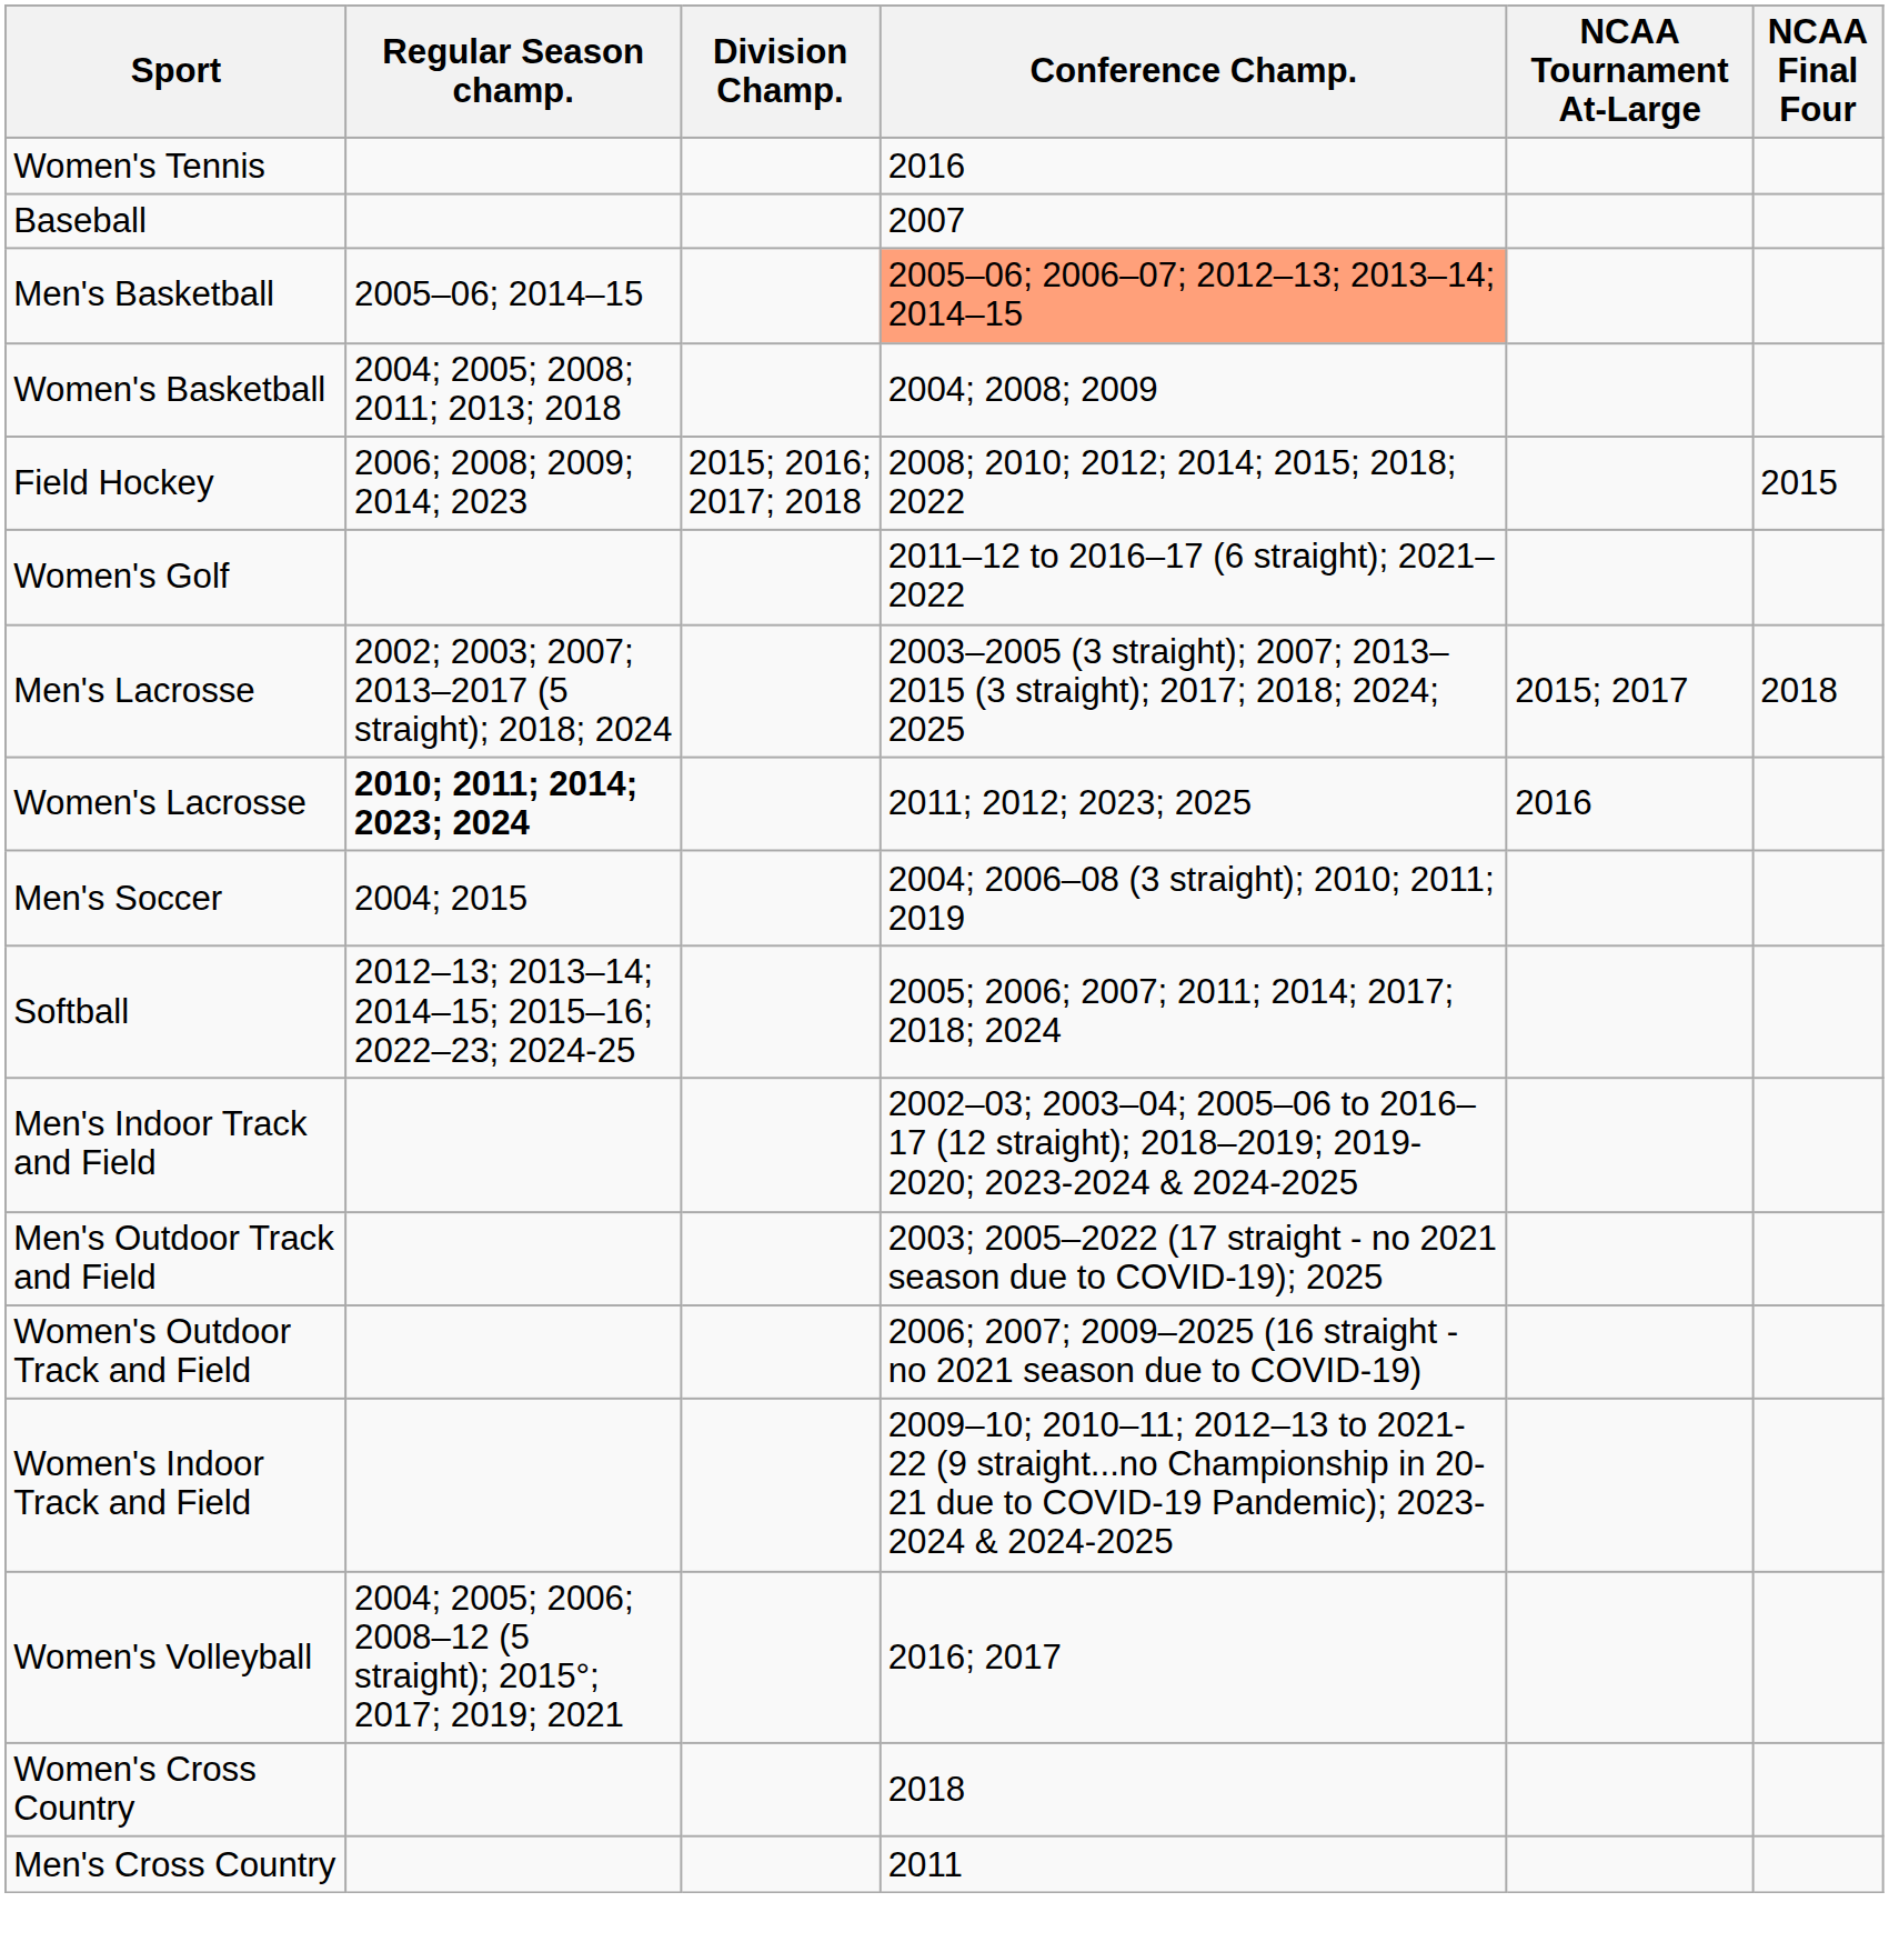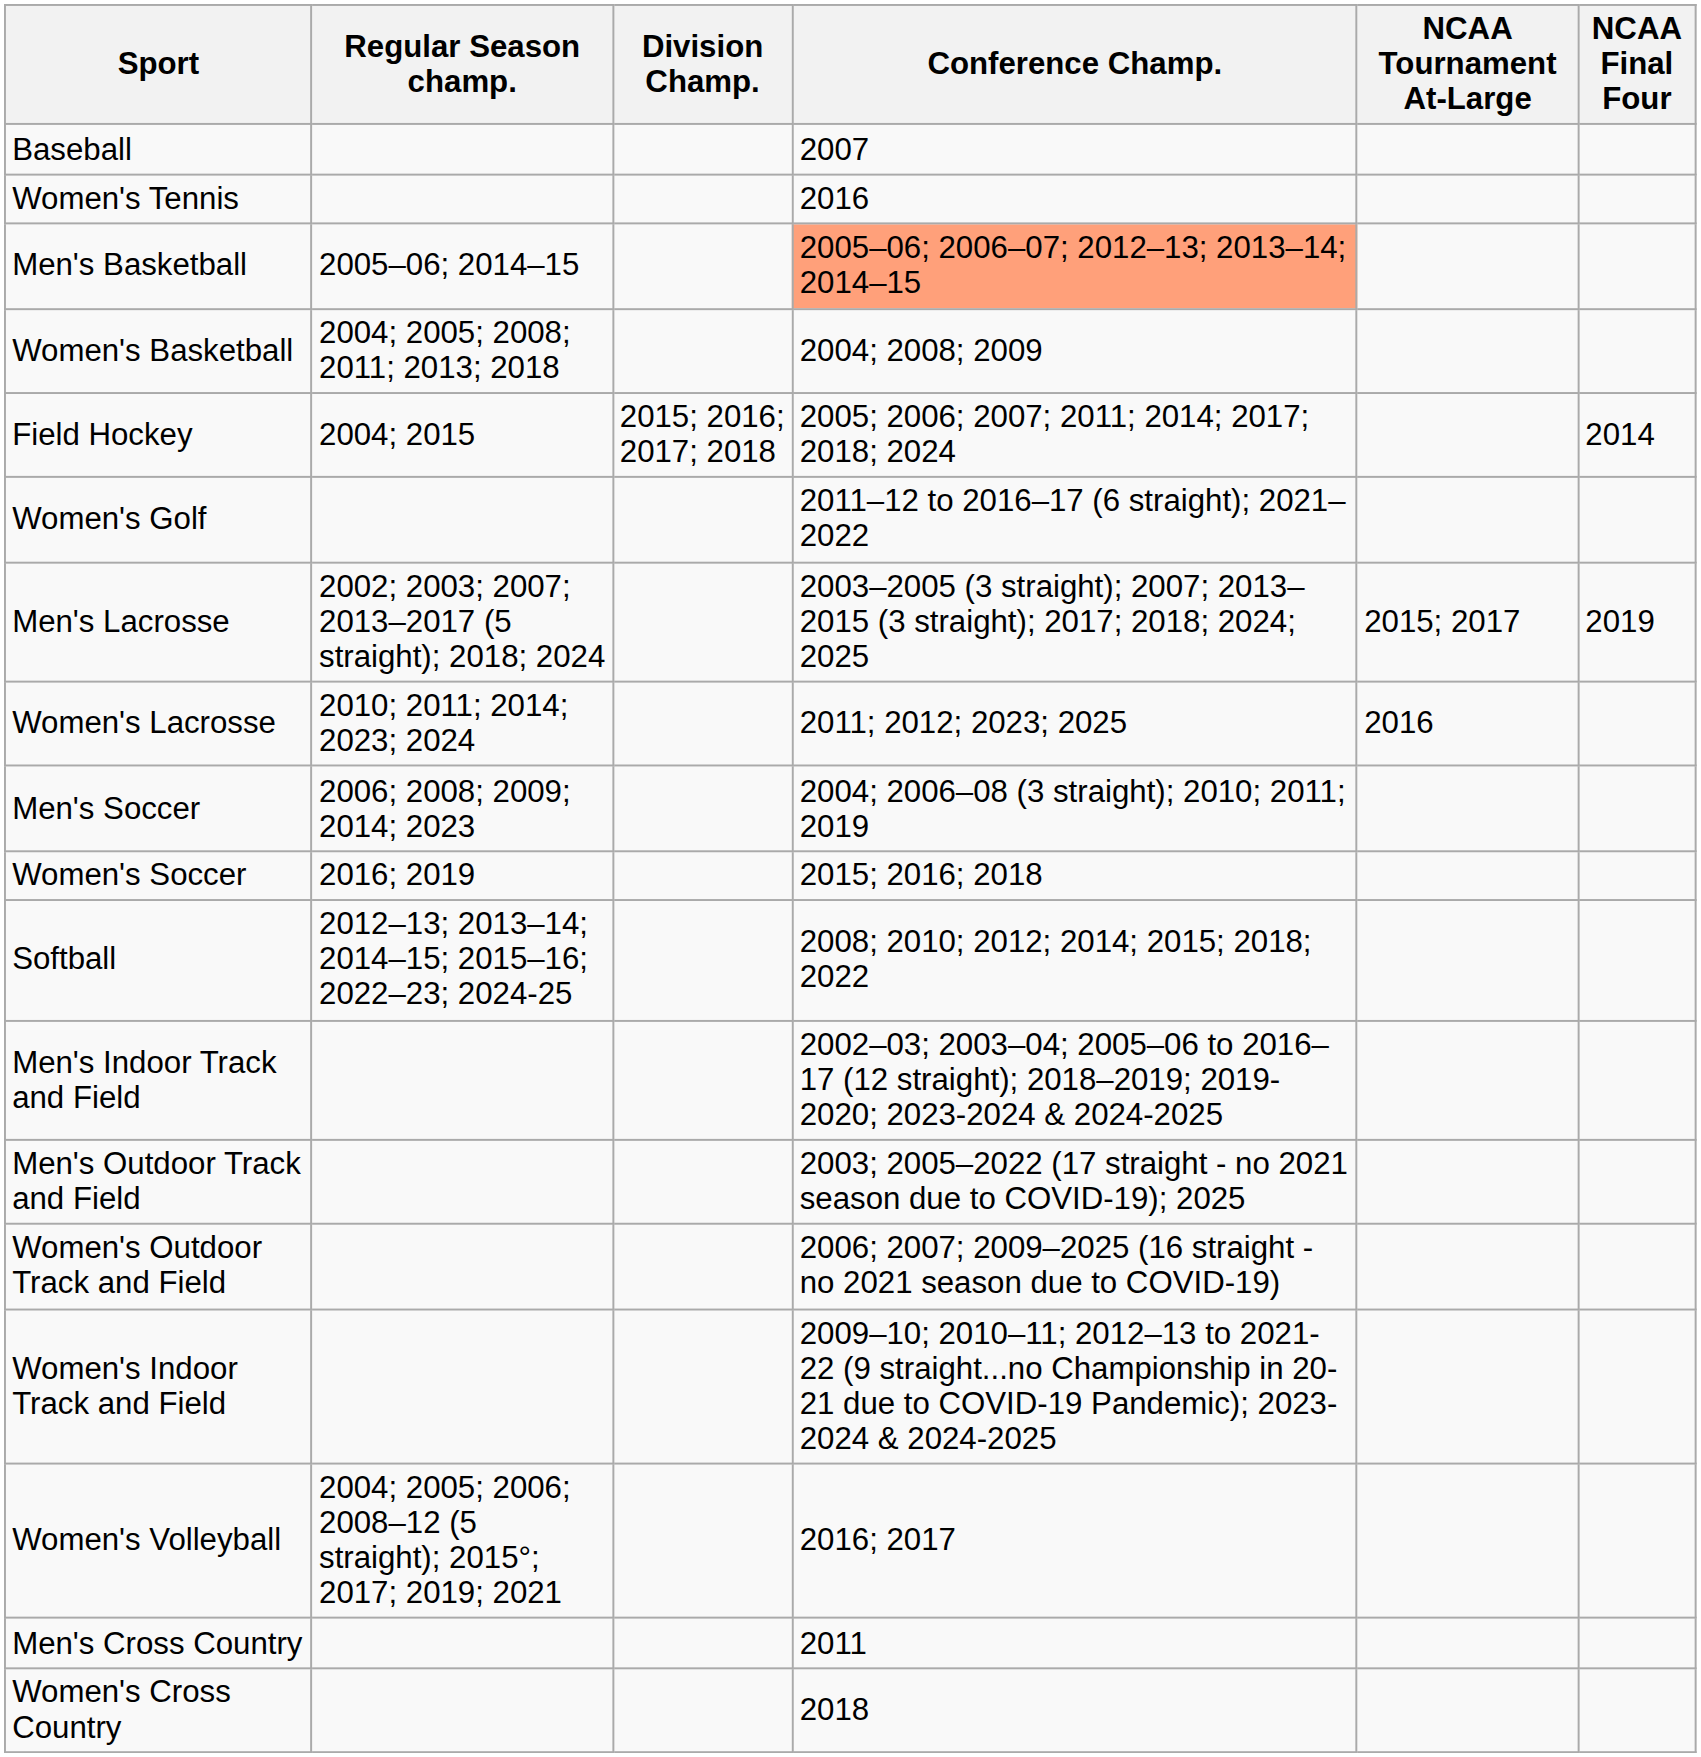 <table class= wikitable>
 <tr>
 <th width=150px>Sport</th>
 <th width=px>Regular Season<br>champ.</th>
 <th width=px>Division<br>Champ.</th>
 <th width=px>Conference Champ.</th>
 <th width=px>NCAA<br> Tournament At-Large</th>
 <th width=px>NCAA<br>Final Four</th>
 </tr>
 <tr>
+<td>Baseball</td>
+<td></td>
+<td></td>
+<td>2007</td>
+<td></td>
+<td></td>
+</tr>
+<tr>
 <td>Women's Tennis</td>
 <td></td>
 <td></td>
 <td>2016</td>
-<td></td>
-<td></td>
-</tr>
-<tr>
-<td>Baseball</td>
-<td></td>
-<td></td>
-<td>2007</td>
 <td></td>
 <td></td>
 </tr>
 <tr>
 <td>Men's Basketball</td>
 <td>2005–06; 2014–15</td>
 <td></td>
 <td style="background: lightsalmon;">2005–06; 2006–07; 2012–13; 2013–14; 2014–15</td>
 <td></td>
 <td></td>
 </tr>
 <tr>
 <td>Women's Basketball</td>
 <td>2004; 2005; 2008; 2011; 2013; 2018</td>
 <td></td>
 <td>2004; 2008; 2009</td>
 <td></td>
 <td></td>
 </tr>
 <tr>
 <td>Field Hockey</td>
-<td>2006; 2008; 2009; 2014; 2023</td>
+<td>2004; 2015</td>
 <td>2015; 2016; 2017; 2018</td>
-<td>2008; 2010; 2012; 2014; 2015; 2018; 2022</td>
+<td>2005; 2006; 2007; 2011; 2014; 2017; 2018; 2024</td>
 <td></td>
-<td>2015</td>
+<td>2014</td>
 </tr>
 <tr>
 <td>Women's Golf</td>
 <td></td>
 <td></td>
 <td>2011–12 to 2016–17 (6 straight); 2021–2022</td>
 <td></td>
 <td></td>
 </tr>
 <tr>
 <td>Men's Lacrosse</td>
 <td>2002; 2003; 2007; 2013–2017 (5 straight); 2018; 2024</td>
 <td></td>
 <td>2003–2005 (3 straight); 2007; 2013–2015 (3 straight); 2017; 2018; 2024; 2025</td>
 <td>2015; 2017</td>
-<td>2018</td>
+<td>2019</td>
 </tr>
 <tr>
 <td>Women's Lacrosse</td>
-<td><strong>2010; 2011; 2014; 2023; 2024</strong></td>
+<td>2010; 2011; 2014; 2023; 2024</td>
 <td></td>
 <td>2011; 2012; 2023; 2025</td>
 <td>2016</td>
 <td></td>
 </tr>
 <tr>
 <td>Men's Soccer</td>
-<td>2004; 2015</td>
+<td>2006; 2008; 2009; 2014; 2023</td>
 <td></td>
 <td>2004; 2006–08 (3 straight); 2010; 2011; 2019</td>
+<td></td>
+<td></td>
+</tr>
+<tr>
+<td>Women's Soccer</td>
+<td>2016; 2019</td>
+<td></td>
+<td>2015; 2016; 2018</td>
 <td></td>
 <td></td>
 </tr>
 <tr>
 <td>Softball</td>
 <td>2012–13; 2013–14; 2014–15; 2015–16; 2022–23; 2024-25</td>
 <td></td>
-<td>2005; 2006; 2007; 2011; 2014; 2017; 2018; 2024</td>
+<td>2008; 2010; 2012; 2014; 2015; 2018; 2022</td>
 <td></td>
 <td></td>
 </tr>
 <tr>
 <td>Men's Indoor Track and Field</td>
 <td></td>
 <td></td>
 <td>2002–03; 2003–04; 2005–06 to 2016–17 (12 straight); 2018–2019; 2019-2020; 2023-2024 & 2024-2025</td>
 <td></td>
 <td></td>
 </tr>
 <tr>
 <td>Men's Outdoor Track and Field</td>
 <td></td>
 <td></td>
 <td>2003; 2005–2022 (17 straight - no 2021 season due to COVID-19); 2025</td>
 <td></td>
 <td></td>
 </tr>
 <tr>
 <td>Women's Outdoor Track and Field</td>
 <td></td>
 <td></td>
 <td>2006; 2007; 2009–2025 (16 straight - no 2021 season due to COVID-19)</td>
 <td></td>
 <td></td>
 </tr>
 <tr>
 <td>Women's Indoor Track and Field</td>
 <td></td>
 <td></td>
 <td>2009–10; 2010–11; 2012–13 to 2021-22 (9 straight...no Championship in 20-21 due to COVID-19 Pandemic); 2023-2024 & 2024-2025</td>
 <td></td>
 <td></td>
 </tr>
 <tr>
 <td>Women's Volleyball</td>
 <td>2004; 2005; 2006; 2008–12 (5 straight); 2015°; 2017; 2019; 2021</td>
 <td></td>
 <td>2016; 2017</td>
 <td></td>
 <td></td>
 </tr>
 <tr>
+<td>Men's Cross Country</td>
+<td></td>
+<td></td>
+<td>2011</td>
+<td></td>
+<td></td>
+</tr>
+<tr>
 <td>Women's Cross Country</td>
 <td></td>
 <td></td>
 <td>2018</td>
 <td></td>
 <td></td>
 </tr>
-<tr>
-<td>Men's Cross Country</td>
-<td></td>
-<td></td>
-<td>2011</td>
-<td></td>
-<td></td>
-</tr>
 </table>
